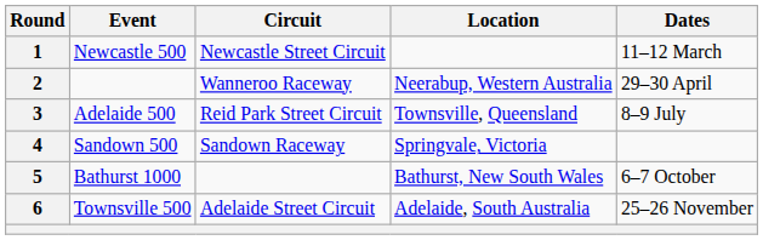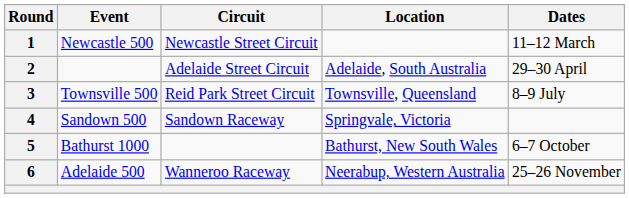 <table class="wikitable" style=font-size:85%;>
 <tr>
 <th>Round</th>
 <th>Event</th>
 <th>Circuit</th>
 <th>Location</th>
 <th>Dates</th>
 </tr>
 <tr>
 <th>1</th>
 <td><a href='#'>Newcastle 500</a></td>
 <td> <a href='#'>Newcastle Street Circuit</a></td>
 <td></td>
 <td>11–12 March</td>
 </tr>
 <tr>
 <th>2</th>
 <td></td>
-<td> <a href='#'>Wanneroo Raceway</a></td>
-<td><a href='#'>Neerabup, Western Australia</a></td>
+<td> <a href='#'>Adelaide Street Circuit</a></td>
+<td><a href='#'>Adelaide</a>, <a href='#'>South Australia</a></td>
 <td>29–30 April</td>
 </tr>
 <tr>
 <th>3</th>
-<td><a href='#'>Adelaide 500</a></td>
+<td><a href='#'>Townsville 500</a></td>
 <td> <a href='#'>Reid Park Street Circuit</a></td>
 <td><a href='#'>Townsville</a>, <a href='#'>Queensland</a></td>
 <td>8–9 July</td>
 </tr>
 <tr>
 <th>4</th>
 <td><a href='#'>Sandown 500</a></td>
 <td> <a href='#'>Sandown Raceway</a></td>
 <td><a href='#'>Springvale, Victoria</a></td>
 <td></td>
 </tr>
 <tr>
 <th>5</th>
 <td><a href='#'>Bathurst 1000</a></td>
 <td></td>
 <td><a href='#'>Bathurst, New South Wales</a></td>
 <td>6–7 October</td>
 </tr>
 <tr>
 <th>6</th>
-<td><a href='#'>Townsville 500</a></td>
-<td> <a href='#'>Adelaide Street Circuit</a></td>
-<td><a href='#'>Adelaide</a>, <a href='#'>South Australia</a></td>
+<td><a href='#'>Adelaide 500</a></td>
+<td> <a href='#'>Wanneroo Raceway</a></td>
+<td><a href='#'>Neerabup, Western Australia</a></td>
 <td>25–26 November</td>
 </tr>
 <tr>
 <th colspan="5"></th>
 </tr>
 </table>
